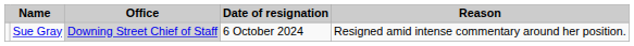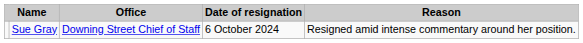 <table class="wikitable">
 <tr>
 <th colspan="2" style="background:#ccc;">Name</th>
 <th style="background:#ccc;">Office</th>
 <th style="background:#ccc;">Date of resignation</th>
 <th style="background:#ccc;">Reason</th>
 </tr>
 <tr>
 <td></td>
 <td><a href='#'>Sue Gray</a></td>
-<td style="background: lightgrey;"><a href='#'>Downing Street Chief of Staff</a></td>
+<td><a href='#'>Downing Street Chief of Staff</a></td>
 <td>6 October 2024</td>
 <td>Resigned amid intense commentary around her position.</td>
 </tr>
 </table>
